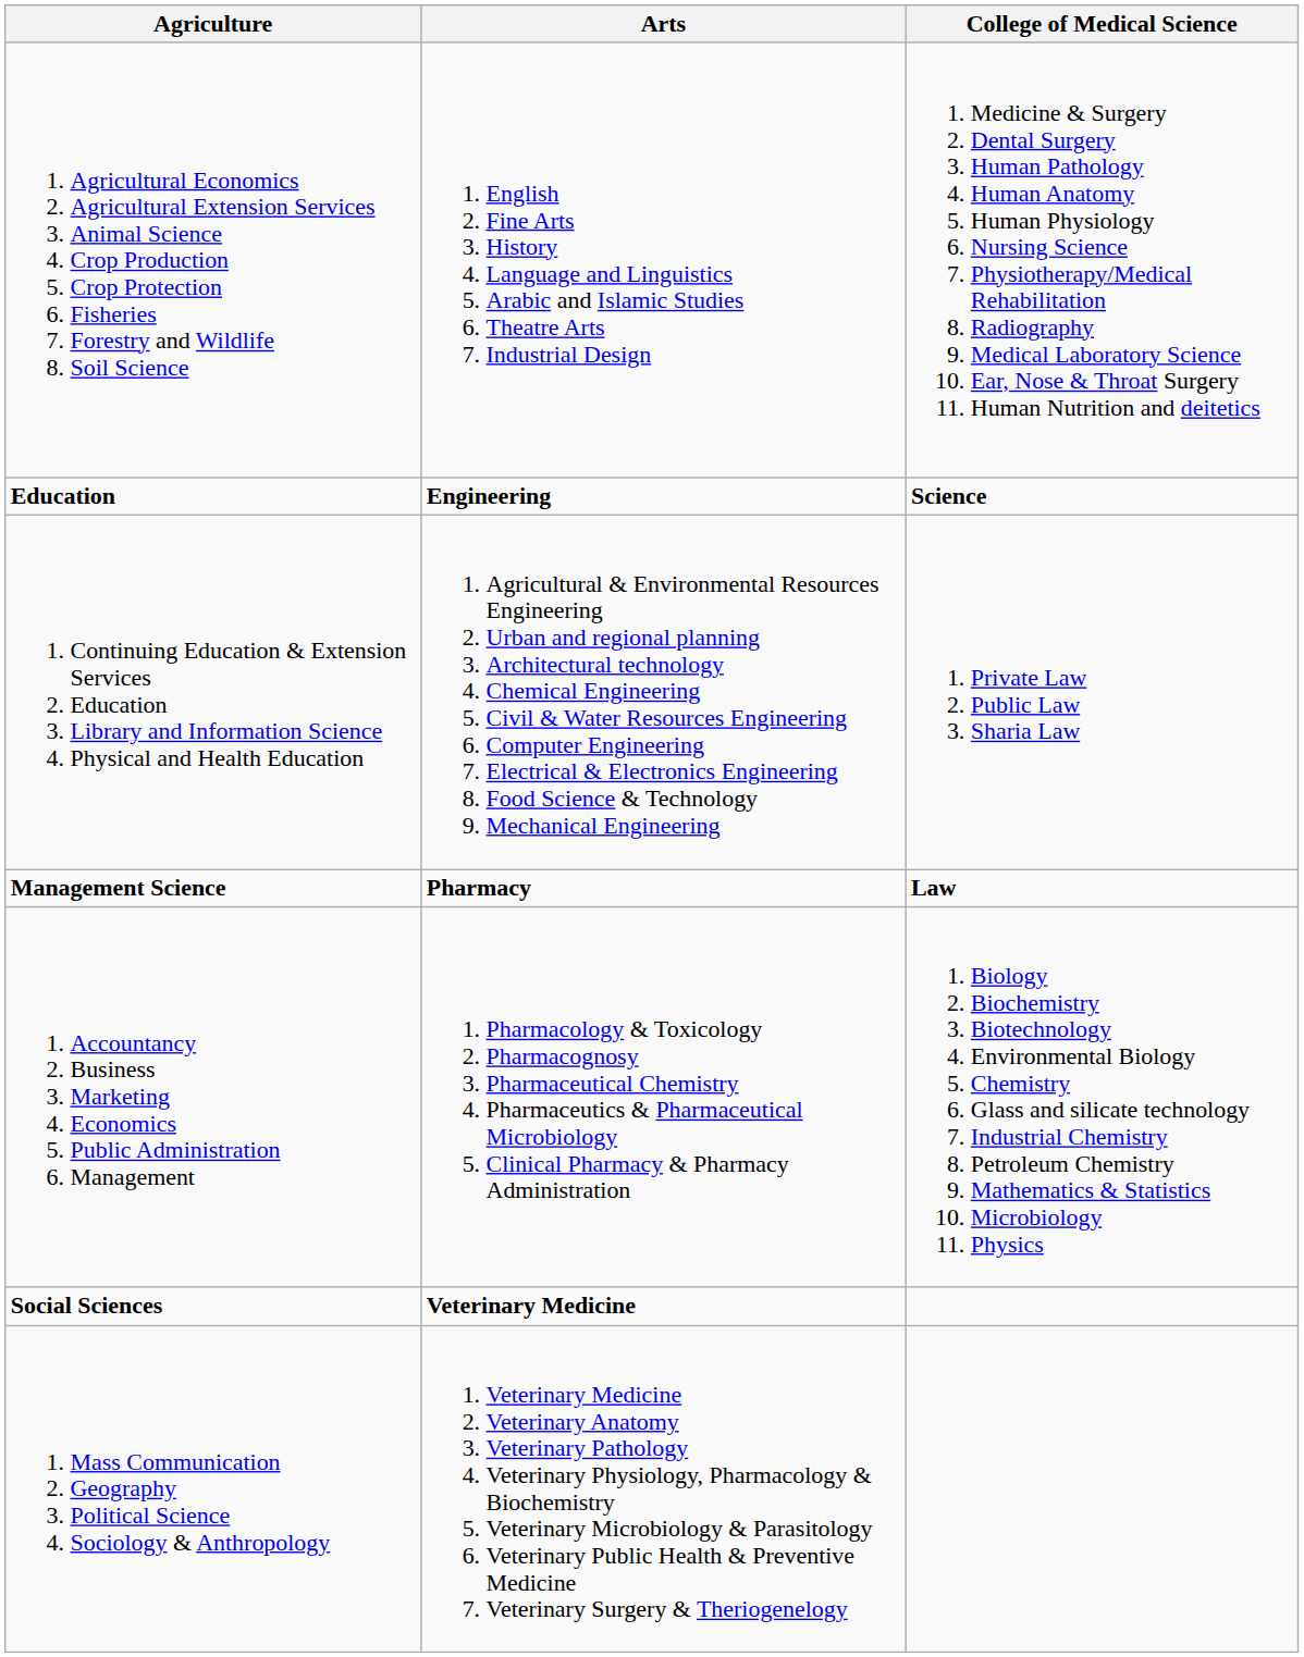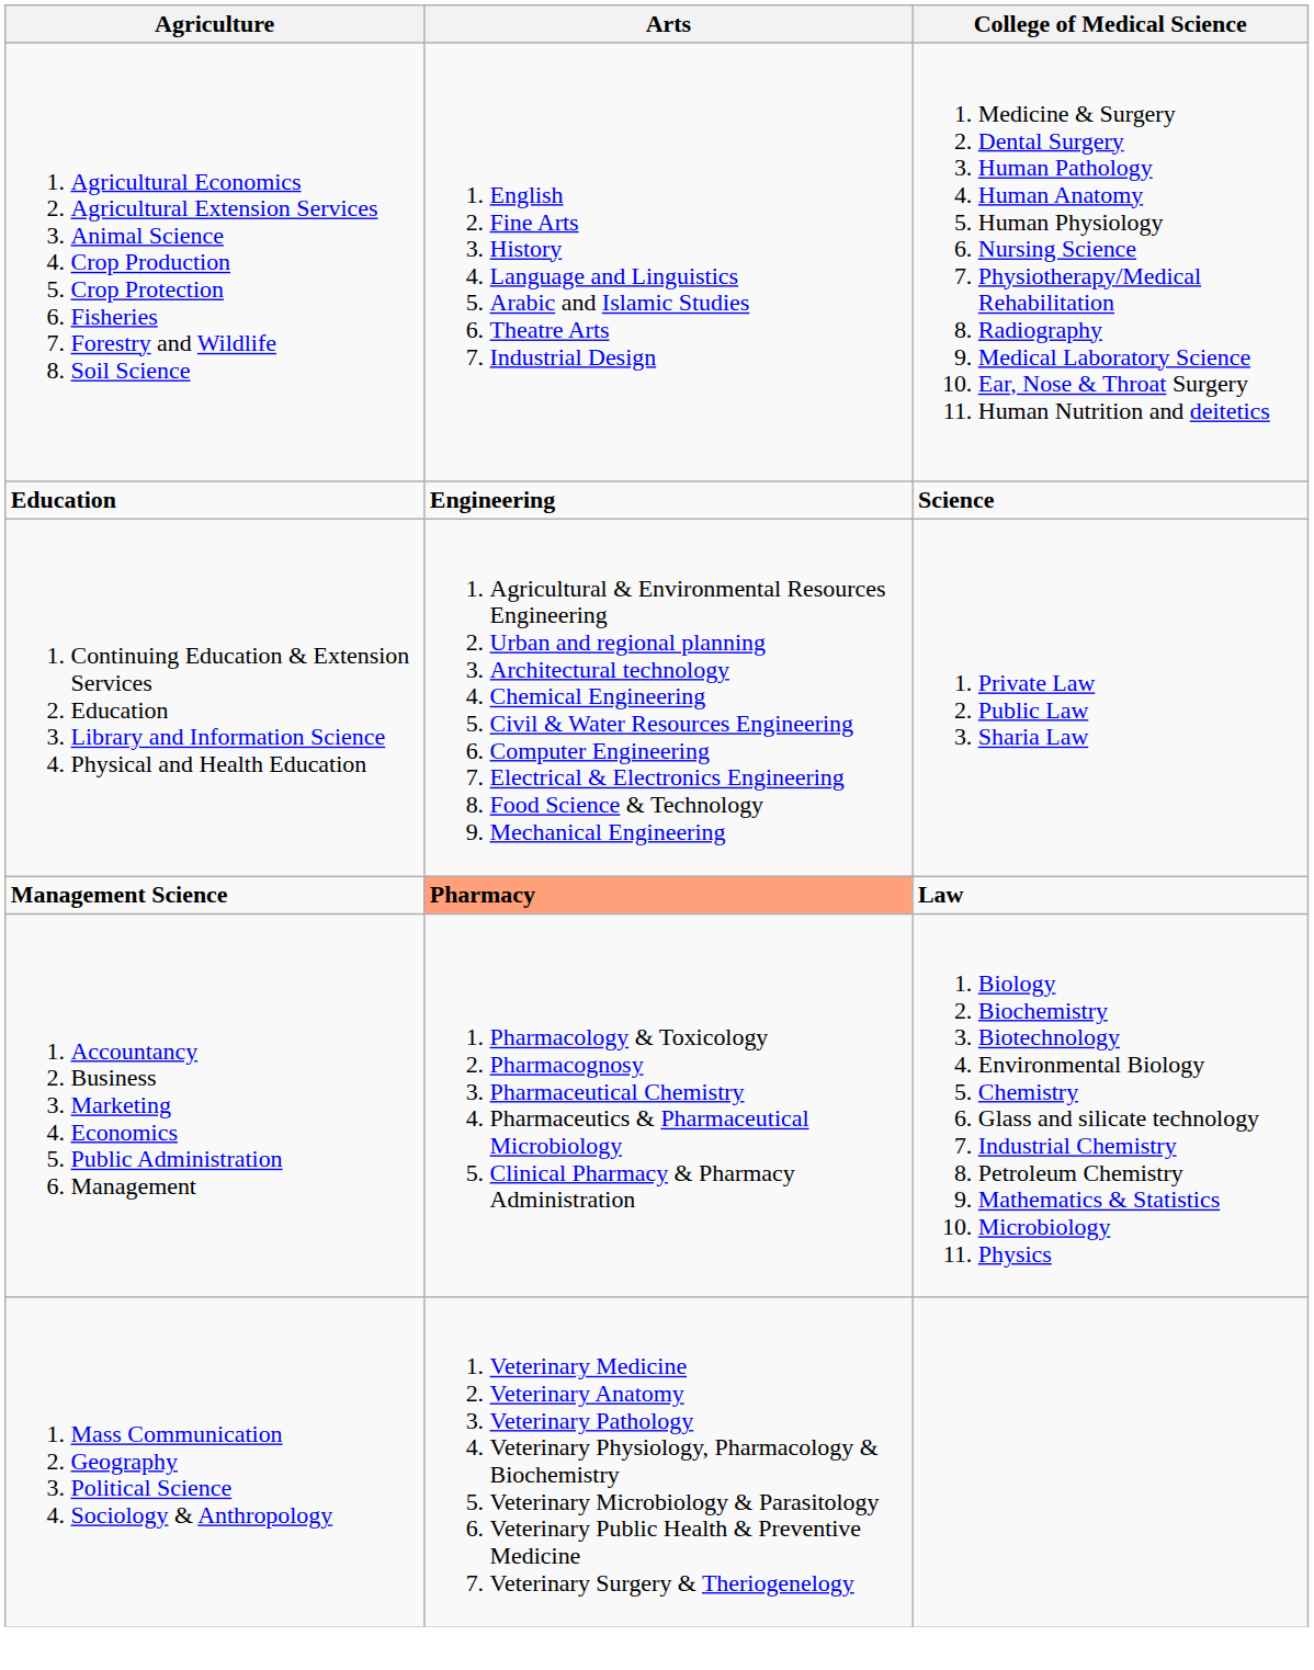 <table class="wikitable sortable mw-collapsible">
 <tr>
 <th>Agriculture</th>
 <th>Arts</th>
 <th>College of Medical Science</th>
 </tr>
 <tr>
 <td><br><ol><li><a href='#'>Agricultural Economics</a></li><li><a href='#'>Agricultural Extension Services</a></li><li><a href='#'>Animal Science</a></li><li><a href='#'>Crop Production</a></li><li><a href='#'>Crop Protection</a></li><li><a href='#'>Fisheries</a></li><li><a href='#'>Forestry</a> and <a href='#'>Wildlife</a></li><li><a href='#'>Soil Science</a></li></ol></td>
 <td><br><ol><li><a href='#'>English</a></li><li><a href='#'>Fine Arts</a></li><li><a href='#'>History</a></li><li><a href='#'>Language and Linguistics</a></li><li><a href='#'>Arabic</a> and <a href='#'>Islamic Studies</a></li><li><a href='#'>Theatre Arts</a></li><li><a href='#'>Industrial Design</a></li></ol></td>
 <td><br><ol><li>Medicine & Surgery</li><li><a href='#'>Dental Surgery</a></li><li><a href='#'>Human Pathology</a></li><li><a href='#'>Human Anatomy</a></li><li>Human Physiology</li><li><a href='#'>Nursing Science</a></li><li><a href='#'>Physiotherapy/Medical Rehabilitation</a></li><li><a href='#'>Radiography</a></li><li><a href='#'>Medical Laboratory Science</a></li><li><a href='#'>Ear, Nose & Throat</a> Surgery</li><li>Human Nutrition and <a href='#'>deitetics</a></li></ol><br></td>
 </tr>
 <tr>
 <td><strong>Education</strong></td>
 <td><strong>Engineering</strong></td>
 <td><strong>Science</strong></td>
 </tr>
 <tr>
 <td><br><ol><li>Continuing Education & Extension Services</li><li>Education</li><li><a href='#'>Library and Information Science</a></li><li>Physical and Health Education</li></ol></td>
 <td><br><ol><li>Agricultural & Environmental Resources Engineering</li><li><a href='#'>Urban and regional planning</a></li><li><a href='#'>Architectural technology</a></li><li><a href='#'>Chemical Engineering</a></li><li><a href='#'>Civil & Water Resources Engineering</a></li><li><a href='#'>Computer Engineering</a></li><li><a href='#'>Electrical & Electronics Engineering</a></li><li><a href='#'>Food Science</a>  & Technology</li><li><a href='#'>Mechanical Engineering</a></li></ol></td>
 <td><br><ol><li><a href='#'>Private Law</a></li><li><a href='#'>Public Law</a></li><li><a href='#'>Sharia Law</a></li></ol></td>
 </tr>
 <tr>
 <td><strong>Management Science</strong></td>
-<td><strong>Pharmacy</strong></td>
+<td style="background: lightsalmon;"><strong>Pharmacy</strong></td>
 <td><strong>Law</strong></td>
 </tr>
 <tr>
 <td><br><ol><li><a href='#'>Accountancy</a></li><li>Business</li><li><a href='#'>Marketing</a></li><li><a href='#'>Economics</a></li><li><a href='#'>Public Administration</a></li><li>Management</li></ol></td>
 <td><br><ol><li><a href='#'>Pharmacology</a> & Toxicology</li><li><a href='#'>Pharmacognosy</a></li><li><a href='#'>Pharmaceutical Chemistry</a></li><li>Pharmaceutics & <a href='#'>Pharmaceutical Microbiology</a></li><li><a href='#'>Clinical Pharmacy</a> & Pharmacy Administration</li></ol></td>
 <td><br><ol><li><a href='#'>Biology</a></li><li><a href='#'>Biochemistry</a></li><li><a href='#'>Biotechnology</a></li><li>Environmental Biology</li><li><a href='#'>Chemistry</a></li><li>Glass and silicate technology</li><li><a href='#'>Industrial Chemistry</a></li><li>Petroleum Chemistry</li><li><a href='#'>Mathematics & Statistics</a></li><li><a href='#'>Microbiology</a></li><li><a href='#'>Physics</a></li></ol></td>
 </tr>
 <tr>
-<td><strong>Social Sciences</strong></td>
-<td><strong>Veterinary Medicine</strong></td>
-<td></td>
-</tr>
-<tr>
 <td><br><ol><li><a href='#'>Mass Communication</a></li><li><a href='#'>Geography</a></li><li><a href='#'>Political Science</a></li><li><a href='#'>Sociology</a> & <a href='#'>Anthropology</a></li></ol></td>
 <td><br><ol><li><a href='#'>Veterinary Medicine</a></li><li><a href='#'>Veterinary Anatomy</a></li><li><a href='#'>Veterinary Pathology</a></li><li>Veterinary Physiology, Pharmacology & Biochemistry</li><li>Veterinary Microbiology & Parasitology</li><li>Veterinary Public Health & Preventive Medicine</li><li>Veterinary Surgery & <a href='#'>Theriogenelogy</a></li></ol></td>
 <td></td>
 </tr>
 </table>
